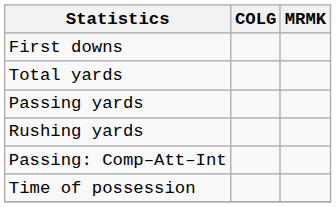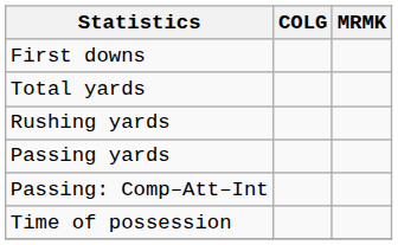 <table class="wikitable" style="float: left;">
 <tr>
 <th>Statistics</th>
 <th>COLG</th>
 <th>MRMK</th>
 </tr>
 <tr>
 <td>First downs</td>
 <td></td>
 <td></td>
 </tr>
 <tr>
 <td>Total yards</td>
 <td></td>
 <td></td>
 </tr>
 <tr>
-<td>Passing yards</td>
+<td>Rushing yards</td>
 <td></td>
 <td></td>
 </tr>
 <tr>
-<td>Rushing yards</td>
+<td>Passing yards</td>
 <td></td>
 <td></td>
 </tr>
 <tr>
 <td>Passing: Comp–Att–Int</td>
 <td></td>
 <td></td>
 </tr>
 <tr>
 <td>Time of possession</td>
 <td></td>
 <td></td>
 </tr>
 <tr>
 </tr>
 </table>
